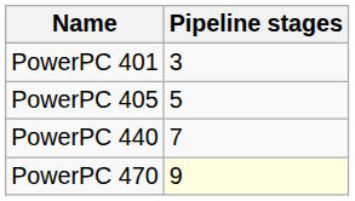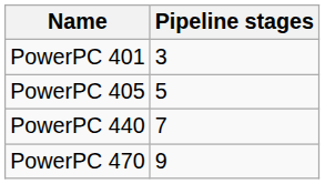 <table class="wikitable">
 <tr>
 <th>Name</th>
 <th>Pipeline stages</th>
 </tr>
 <tr>
 <td>PowerPC 401</td>
 <td>3</td>
 </tr>
 <tr>
 <td>PowerPC 405</td>
 <td>5</td>
 </tr>
 <tr>
 <td>PowerPC 440</td>
 <td>7</td>
 </tr>
 <tr>
 <td>PowerPC 470</td>
-<td style="background: lightyellow;">9</td>
+<td>9</td>
 </tr>
 </table>
